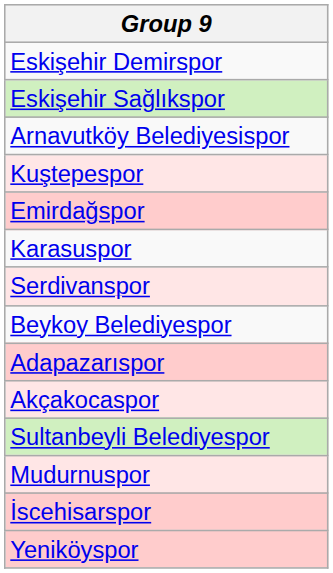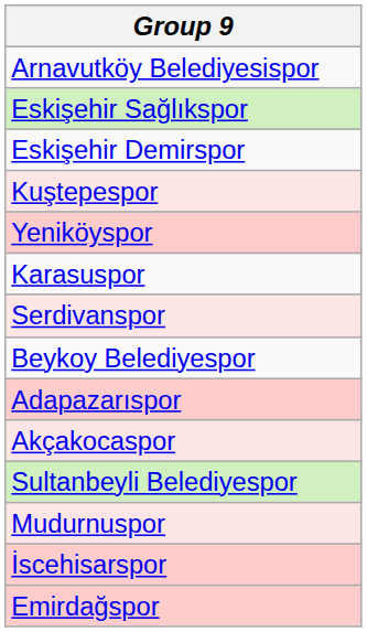 <table class="wikitable collapsible collapsed" style="font-size:95%;">
 <tr>
 <th colspan="1" width="200"><em>Group 9</em></th>
 </tr>
 <tr>
-<td><a href='#'>Eskişehir Demirspor</a></td>
+<td><a href='#'>Arnavutköy Belediyesispor</a></td>
 </tr>
 <tr>
 <td style="background:#D0F0C0;"><a href='#'>Eskişehir Sağlıkspor</a></td>
 </tr>
 <tr>
-<td><a href='#'>Arnavutköy Belediyesispor</a></td>
+<td><a href='#'>Eskişehir Demirspor</a></td>
 </tr>
 <tr>
 <td style="background:#FFE6E6;"><a href='#'>Kuştepespor</a></td>
 </tr>
 <tr>
-<td style="background:#fcc;"><a href='#'>Emirdağspor</a></td>
+<td style="background:#fcc;"><a href='#'>Yeniköyspor</a></td>
 </tr>
 <tr>
 <td><a href='#'>Karasuspor</a></td>
 </tr>
 <tr>
 <td style="background:#FFE6E6;"><a href='#'>Serdivanspor</a></td>
 </tr>
 <tr>
 <td><a href='#'>Beykoy Belediyespor</a></td>
 </tr>
 <tr>
 <td style="background:#fcc;"><a href='#'>Adapazarıspor</a></td>
 </tr>
 <tr>
 <td style="background:#FFE6E6;"><a href='#'>Akçakocaspor</a></td>
 </tr>
 <tr>
 <td style="background:#D0F0C0;"><a href='#'>Sultanbeyli Belediyespor</a></td>
 </tr>
 <tr>
 <td style="background:#FFE6E6;"><a href='#'>Mudurnuspor</a></td>
 </tr>
 <tr>
 <td style="background:#fcc;"><a href='#'>İscehisarspor</a></td>
 </tr>
 <tr>
-<td style="background:#fcc;"><a href='#'>Yeniköyspor</a></td>
+<td style="background:#fcc;"><a href='#'>Emirdağspor</a></td>
 </tr>
 </table>
